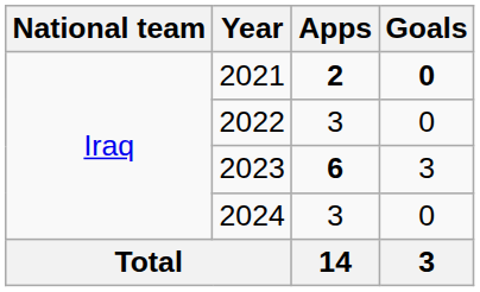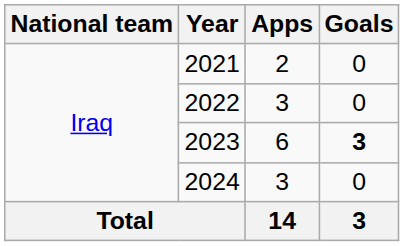 <table class=wikitable style=text-align:center>
 <tr>
 <th>National team</th>
 <th>Year</th>
 <th>Apps</th>
 <th>Goals</th>
 </tr>
 <tr>
 <td rowspan="4"><a href='#'>Iraq</a></td>
 <td>2021</td>
-<td><strong>2</strong></td>
-<td><strong>0</strong></td>
+<td>2</td>
+<td>0</td>
 </tr>
 <tr>
 <td>2022</td>
 <td>3</td>
 <td>0</td>
 </tr>
 <tr>
 <td>2023</td>
-<td><strong>6</strong></td>
-<td>3</td>
+<td>6</td>
+<td><strong>3</strong></td>
 </tr>
 <tr>
 <td>2024</td>
 <td>3</td>
 <td>0</td>
 </tr>
 <tr>
 <th colspan="2">Total</th>
 <th>14</th>
 <th>3</th>
 </tr>
 </table>
